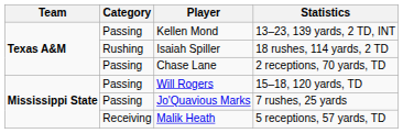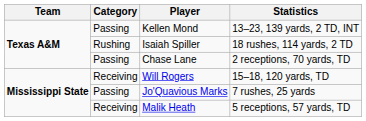 <table class="wikitable" style="float: right;">
 <tr>
 <th>Team</th>
 <th>Category</th>
 <th>Player</th>
 <th>Statistics</th>
 </tr>
 <tr>
 <td rowspan=3><strong>Texas A&M</strong></td>
 <td>Passing</td>
 <td>Kellen Mond</td>
 <td>13–23, 139 yards, 2 TD, INT</td>
 </tr>
 <tr>
 <td>Rushing</td>
 <td>Isaiah Spiller</td>
 <td>18 rushes, 114 yards, 2 TD</td>
 </tr>
 <tr>
 <td>Passing</td>
 <td>Chase Lane</td>
 <td>2 receptions, 70 yards, TD</td>
 </tr>
 <tr>
 <td rowspan=3><strong>Mississippi State</strong></td>
-<td>Passing</td>
+<td>Receiving</td>
 <td><a href='#'>Will Rogers</a></td>
 <td>15–18, 120 yards, TD</td>
 </tr>
 <tr>
 <td>Passing</td>
 <td><a href='#'>Jo'Quavious Marks</a></td>
 <td>7 rushes, 25 yards</td>
 </tr>
 <tr>
 <td>Receiving</td>
 <td><a href='#'>Malik Heath</a></td>
 <td>5 receptions, 57 yards, TD</td>
 </tr>
 </table>
